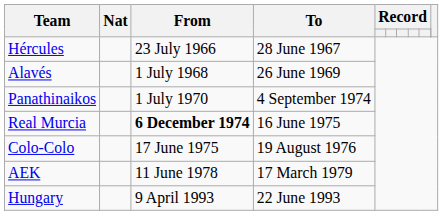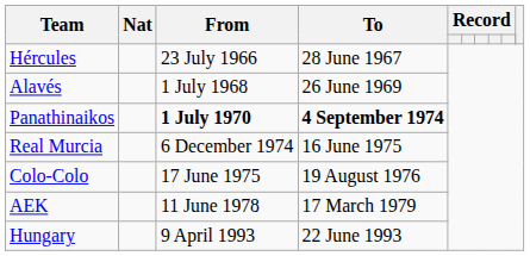 <table class=wikitable style=text-align:center>
 <tr>
 <th rowspan="2">Team</th>
 <th rowspan="2">Nat</th>
 <th rowspan="2">From</th>
 <th rowspan="2">To</th>
 <th colspan="8">Record</th>
 <th rowspan=2></th>
 </tr>
 <tr>
 <th></th>
 <th></th>
 <th></th>
 <th></th>
 <th></th>
 </tr>
 <tr>
 <td align=left><a href='#'>Hércules</a></td>
 <td></td>
 <td align=left>23 July 1966</td>
 <td align=left>28 June 1967<br></td>
 </tr>
 <tr>
 <td align=left><a href='#'>Alavés</a></td>
 <td></td>
 <td align=left>1 July 1968</td>
 <td align=left>26 June 1969<br></td>
 </tr>
 <tr>
 <td align=left><a href='#'>Panathinaikos</a></td>
 <td></td>
-<td align=left>1 July 1970</td>
-<td align=left>4 September 1974<br></td>
+<td align=left><strong>1 July 1970</strong></td>
+<td align=left><strong>4 September 1974<br></strong></td>
 </tr>
 <tr>
 <td align=left><a href='#'>Real Murcia</a></td>
 <td></td>
-<td align=left><strong>6 December 1974</strong></td>
+<td align=left>6 December 1974</td>
 <td align=left>16 June 1975<br></td>
 </tr>
 <tr>
 <td align=left><a href='#'>Colo-Colo</a></td>
 <td></td>
 <td align=left>17 June 1975</td>
 <td align=left>19 August 1976<br></td>
 </tr>
 <tr>
 <td align=left><a href='#'>AEK</a></td>
 <td></td>
 <td align=left>11 June 1978</td>
 <td align=left>17 March 1979<br></td>
 </tr>
 <tr>
 <td align=left><a href='#'>Hungary</a></td>
 <td></td>
 <td align=left>9 April 1993</td>
 <td align=left>22 June 1993<br></td>
 </tr>
 </table>
